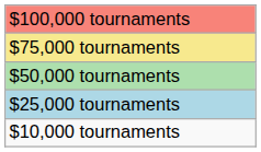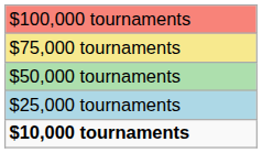 <table class="wikitable" style="font-size:85%;" width=15%>
 <tr bgcolor="#F88379">
 <td>$100,000 tournaments</td>
 </tr>
 <tr bgcolor="#F7E98E">
 <td>$75,000 tournaments</td>
 </tr>
 <tr bgcolor="#ADDFAD">
 <td>$50,000 tournaments</td>
 </tr>
 <tr bgcolor="lightblue">
 <td>$25,000 tournaments</td>
 </tr>
 <tr>
-<td>$10,000 tournaments</td>
+<td><strong>$10,000 tournaments</strong></td>
 </tr>
 </table>
